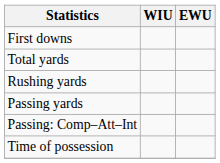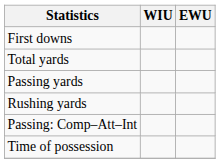 <table class="wikitable" style="float: left;">
 <tr>
 <th>Statistics</th>
 <th>WIU</th>
 <th>EWU</th>
 </tr>
 <tr>
 <td>First downs</td>
 <td></td>
 <td></td>
 </tr>
 <tr>
 <td>Total yards</td>
 <td></td>
 <td></td>
 </tr>
 <tr>
-<td>Rushing yards</td>
+<td>Passing yards</td>
 <td></td>
 <td></td>
 </tr>
 <tr>
-<td>Passing yards</td>
+<td>Rushing yards</td>
 <td></td>
 <td></td>
 </tr>
 <tr>
 <td>Passing: Comp–Att–Int</td>
 <td></td>
 <td></td>
 </tr>
 <tr>
 <td>Time of possession</td>
 <td></td>
 <td></td>
 </tr>
 <tr>
 </tr>
 </table>
